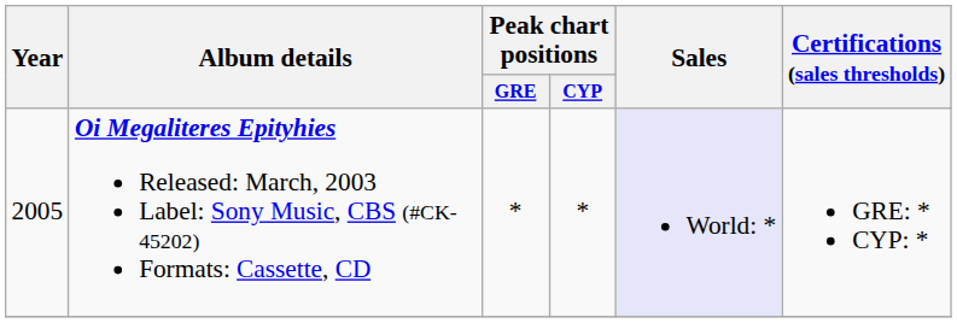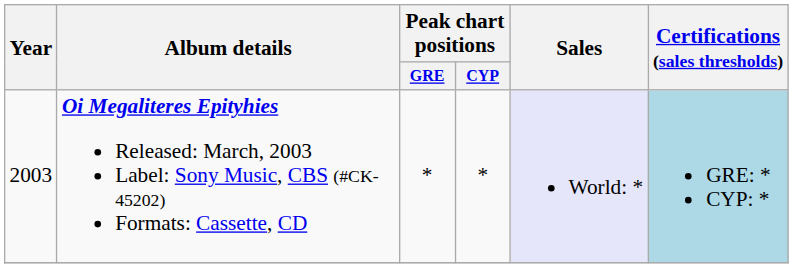 <table class="wikitable" style="text-align:center;">
 <tr>
 <th rowspan="2">Year</th>
 <th rowspan="2" style="width:250px;">Album details</th>
 <th colspan="2">Peak chart positions</th>
 <th rowspan="2">Sales</th>
 <th rowspan="2"><a href='#'>Certifications</a><br><small>(<a href='#'>sales thresholds</a>)</small></th>
 </tr>
 <tr>
 <th style="width:3em;font-size:75%"><a href='#'>GRE</a></th>
 <th style="width:3em;font-size:75%"><a href='#'>CYP</a></th>
 </tr>
 <tr>
-<td>2005</td>
+<td>2003</td>
 <td align="left"><strong><em><a href='#'>Oi Megaliteres Epityhies</a></em></strong><br><ul><li>Released: March, 2003</li><li>Label: <a href='#'>Sony Music</a>, <a href='#'>CBS</a> <small>(#CK-45202)</small></li><li>Formats: <a href='#'>Cassette</a>, <a href='#'>CD</a></li></ul></td>
 <td>*</td>
 <td>*</td>
 <td align="left" style="background: lavender;"><br><ul><li>World: *</li></ul></td>
-<td align="left"><br><ul><li>GRE: *</li><li>CYP: *</li></ul></td>
+<td align="left" style="background: lightblue;"><br><ul><li>GRE: *</li><li>CYP: *</li></ul></td>
 </tr>
 <tr>
 </tr>
 </table>
